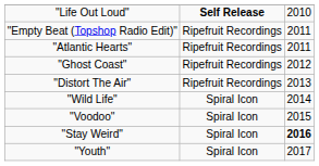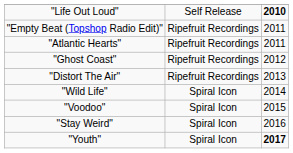 <table class="wikitable" style="text-align:center;">
 <tr>
 </tr>
 <tr>
 <td>"Life Out Loud"</td>
-<td><strong>Self Release</strong></td>
-<td>2010</td>
+<td>Self Release</td>
+<td><strong>2010</strong></td>
 </tr>
 <tr>
 <td>"Empty Beat (<a href='#'>Topshop</a> Radio Edit)"</td>
 <td>Ripefruit Recordings</td>
 <td>2011</td>
 </tr>
 <tr>
 <td>"Atlantic Hearts"</td>
 <td>Ripefruit Recordings</td>
 <td>2011</td>
 </tr>
 <tr>
 <td>"Ghost Coast"</td>
 <td>Ripefruit Recordings</td>
 <td>2012</td>
 </tr>
 <tr>
 <td>"Distort The Air"</td>
 <td>Ripefruit Recordings</td>
 <td>2013</td>
 </tr>
 <tr>
 <td>"Wild Life"</td>
 <td>Spiral Icon</td>
 <td>2014</td>
 </tr>
 <tr>
 <td>"Voodoo"</td>
 <td>Spiral Icon</td>
 <td>2015</td>
 </tr>
 <tr>
 <td>"Stay Weird"</td>
 <td>Spiral Icon</td>
-<td><strong>2016</strong></td>
+<td>2016</td>
 </tr>
 <tr>
 <td>"Youth"</td>
 <td>Spiral Icon</td>
-<td>2017</td>
+<td><strong>2017</strong></td>
 </tr>
 </table>
